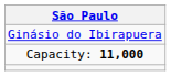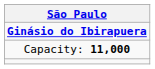 <table class="wikitable" style="text-align:center">
 <tr>
 <th><a href='#'>São Paulo</a></th>
 </tr>
 <tr>
-<td><a href='#'>Ginásio do Ibirapuera</a></td>
+<td><strong><a href='#'>Ginásio do Ibirapuera</a></strong></td>
 </tr>
 <tr>
 <td>Capacity: <strong>11,000</strong></td>
 </tr>
 <tr>
 <td align="center"></td>
 </tr>
 </table>
